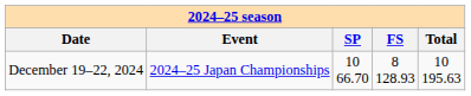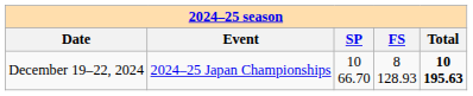 <table class="wikitable">
 <tr>
 <th colspan="5" style="background-color: #ffdead; " align="center"><a href='#'>2024–25 season</a></th>
 </tr>
 <tr>
 <th>Date</th>
 <th>Event</th>
 <th><a href='#'>SP</a></th>
 <th><a href='#'>FS</a></th>
 <th>Total</th>
 </tr>
 <tr>
 <td>December 19–22, 2024</td>
 <td><a href='#'>2024–25 Japan Championships</a></td>
 <td align=center>10 <br> 66.70</td>
 <td align=center>8 <br> 128.93</td>
-<td align=center>10 <br> 195.63</td>
+<td align=center><strong>10 <br> 195.63</strong></td>
 </tr>
 </table>
